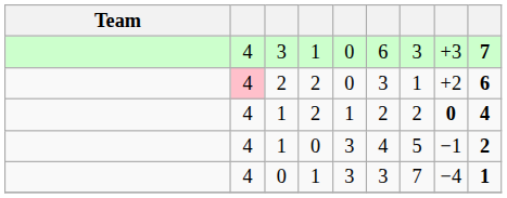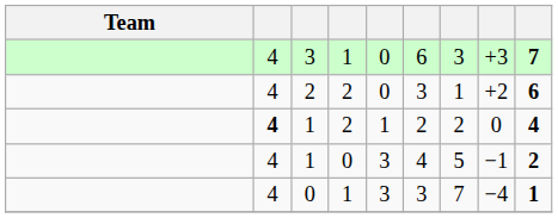 <table class=wikitable style="text-align:center">
 <tr>
 <th width="175">Team</th>
 <th width="20"></th>
 <th width="20"></th>
 <th width="20"></th>
 <th width="20"></th>
 <th width="20"></th>
 <th width="20"></th>
 <th width="20"></th>
 <th width="20"></th>
 </tr>
 <tr style="background:#cfc;">
 <td align=left></td>
 <td>4</td>
 <td>3</td>
 <td>1</td>
 <td>0</td>
 <td>6</td>
 <td>3</td>
 <td>+3</td>
 <td><strong>7</strong></td>
 </tr>
 <tr>
 <td align=left></td>
-<td style="background: pink;">4</td>
+<td>4</td>
 <td>2</td>
 <td>2</td>
 <td>0</td>
 <td>3</td>
 <td>1</td>
 <td>+2</td>
 <td><strong>6</strong></td>
 </tr>
 <tr>
 <td align=left></td>
-<td>4</td>
+<td><strong>4</strong></td>
 <td>1</td>
 <td>2</td>
 <td>1</td>
 <td>2</td>
 <td>2</td>
-<td><strong>0</strong></td>
+<td>0</td>
 <td><strong>4</strong></td>
 </tr>
 <tr>
 <td align=left></td>
 <td>4</td>
 <td>1</td>
 <td>0</td>
 <td>3</td>
 <td>4</td>
 <td>5</td>
 <td>−1</td>
 <td><strong>2</strong></td>
 </tr>
 <tr>
 <td align=left></td>
 <td>4</td>
 <td>0</td>
 <td>1</td>
 <td>3</td>
 <td>3</td>
 <td>7</td>
 <td>−4</td>
 <td><strong>1</strong></td>
 </tr>
 <tr>
 </tr>
 </table>
